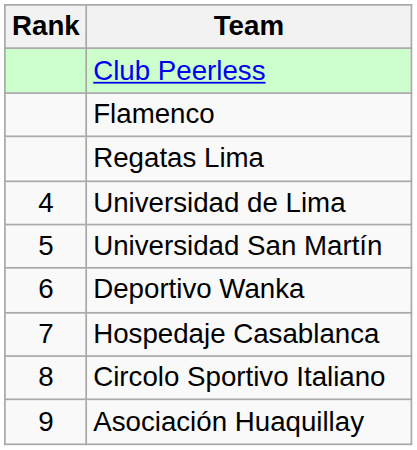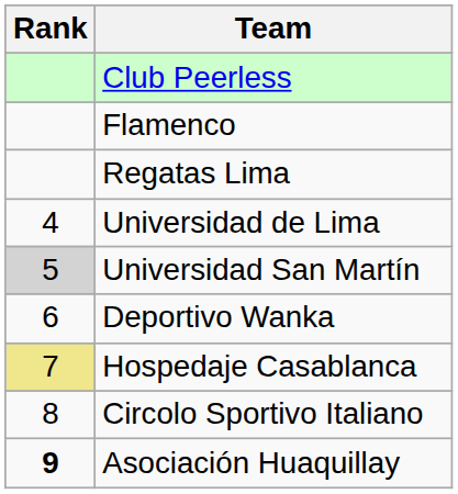 <table class="wikitable" style="text-align: center;">
 <tr>
 <th width=40>Rank</th>
 <th width=180>Team</th>
 </tr>
 <tr bgcolor=#ccffcc>
 <td></td>
 <td style="text-align:left;"><a href='#'>Club Peerless</a></td>
 </tr>
 <tr>
 <td></td>
 <td style="text-align:left;">Flamenco</td>
 </tr>
 <tr>
 <td></td>
 <td style="text-align:left;">Regatas Lima</td>
 </tr>
 <tr>
 <td>4</td>
 <td style="text-align:left;">Universidad de Lima</td>
 </tr>
 <tr>
-<td>5</td>
+<td style="background: lightgrey;">5</td>
 <td style="text-align:left;">Universidad San Martín</td>
 </tr>
 <tr>
 <td>6</td>
 <td style="text-align:left;">Deportivo Wanka</td>
 </tr>
 <tr>
-<td>7</td>
+<td style="background: khaki;">7</td>
 <td style="text-align:left;">Hospedaje Casablanca</td>
 </tr>
 <tr>
 <td>8</td>
 <td style="text-align:left;">Circolo Sportivo Italiano</td>
 </tr>
 <tr>
-<td>9</td>
+<td><strong>9</strong></td>
 <td style="text-align:left;">Asociación Huaquillay</td>
 </tr>
 </table>
